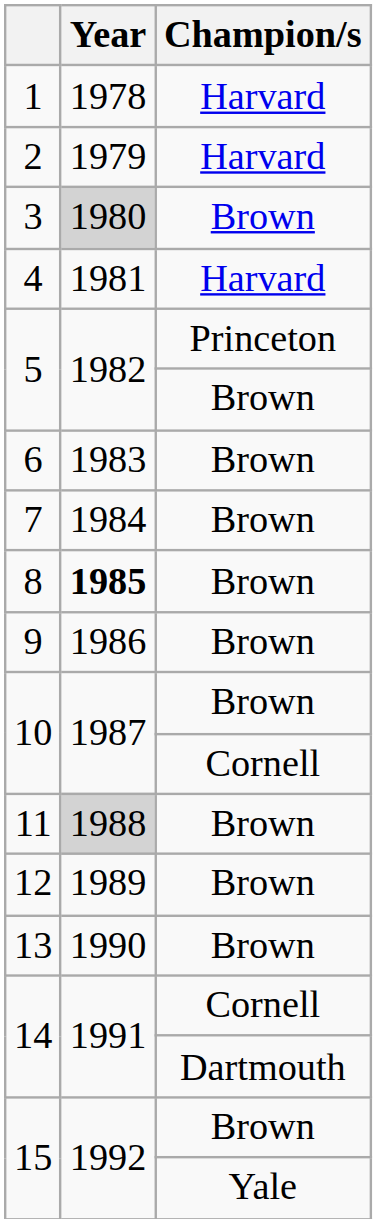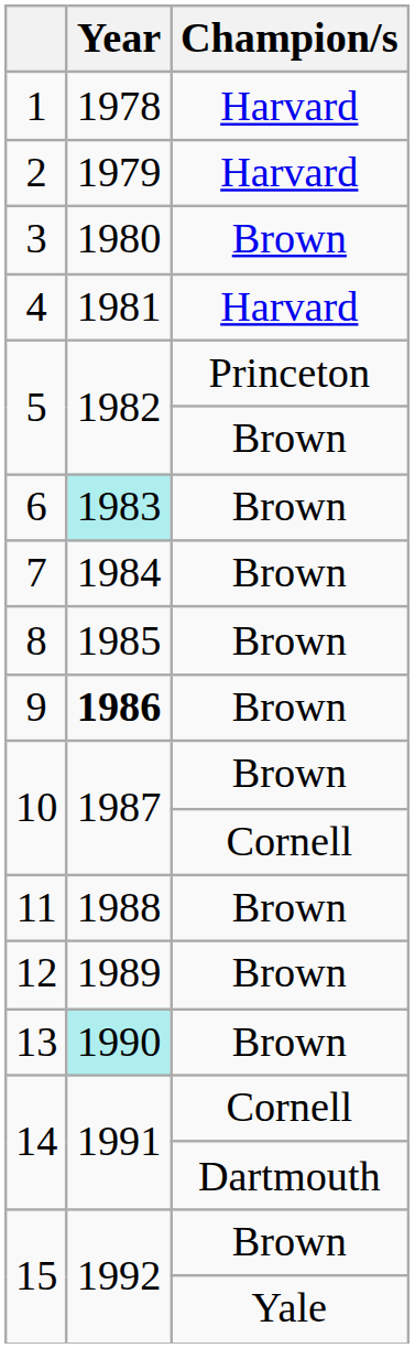 <table class="wikitable sortable" style="text-align:center">
 <tr>
 <th></th>
 <th>Year</th>
 <th>Champion/s</th>
 </tr>
 <tr>
 <td>1</td>
 <td>1978</td>
 <td><a href='#'>Harvard</a> </td>
 </tr>
 <tr>
 <td>2</td>
 <td>1979</td>
 <td><a href='#'>Harvard</a> </td>
 </tr>
 <tr>
 <td>3</td>
-<td style="background: lightgrey;">1980</td>
+<td>1980</td>
 <td><a href='#'>Brown</a> </td>
 </tr>
 <tr>
 <td>4</td>
 <td>1981</td>
 <td><a href='#'>Harvard</a> </td>
 </tr>
 <tr>
 <td rowspan=2>5</td>
 <td rowspan=2>1982</td>
 <td>Princeton </td>
 </tr>
 <tr>
 <td>Brown </td>
 </tr>
 <tr>
 <td>6</td>
-<td>1983</td>
+<td style="background: paleturquoise;">1983</td>
 <td>Brown </td>
 </tr>
 <tr>
 <td>7</td>
 <td>1984</td>
 <td>Brown </td>
 </tr>
 <tr>
 <td>8</td>
-<td><strong>1985</strong></td>
+<td>1985</td>
 <td>Brown </td>
 </tr>
 <tr>
 <td>9</td>
-<td>1986</td>
+<td><strong>1986</strong></td>
 <td>Brown </td>
 </tr>
 <tr>
 <td rowspan=2>10</td>
 <td rowspan=2>1987</td>
 <td>Brown  </td>
 </tr>
 <tr>
 <td>Cornell </td>
 </tr>
 <tr>
 <td>11</td>
-<td style="background: lightgrey;">1988</td>
+<td>1988</td>
 <td>Brown </td>
 </tr>
 <tr>
 <td>12</td>
 <td>1989</td>
 <td>Brown </td>
 </tr>
 <tr>
 <td>13</td>
-<td>1990</td>
+<td style="background: paleturquoise;">1990</td>
 <td>Brown </td>
 </tr>
 <tr>
 <td rowspan=2>14</td>
 <td rowspan=2>1991</td>
 <td>Cornell </td>
 </tr>
 <tr>
 <td>Dartmouth </td>
 </tr>
 <tr>
 <td rowspan=2>15</td>
 <td rowspan=2>1992</td>
 <td>Brown </td>
 </tr>
 <tr>
 <td>Yale </td>
 </tr>
 </table>
